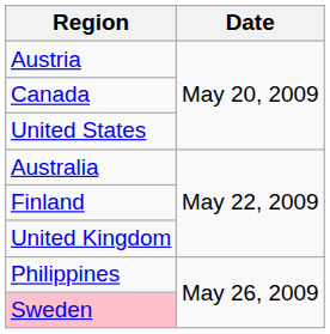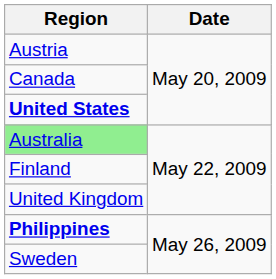 <table class="wikitable">
 <tr>
 <th>Region</th>
 <th>Date</th>
 </tr>
 <tr>
 <td><a href='#'>Austria</a></td>
 <td rowspan="3">May 20, 2009</td>
 </tr>
 <tr>
 <td><a href='#'>Canada</a></td>
 </tr>
 <tr>
-<td><a href='#'>United States</a></td>
+<td><strong><a href='#'>United States</a></strong></td>
 </tr>
 <tr>
-<td><a href='#'>Australia</a></td>
+<td style="background: lightgreen;"><a href='#'>Australia</a></td>
 <td rowspan="3">May 22, 2009</td>
 </tr>
 <tr>
 <td><a href='#'>Finland</a></td>
 </tr>
 <tr>
 <td><a href='#'>United Kingdom</a></td>
 </tr>
 <tr>
-<td><a href='#'>Philippines</a></td>
+<td><strong><a href='#'>Philippines</a></strong></td>
 <td rowspan="2">May 26, 2009</td>
 </tr>
 <tr>
-<td style="background: pink;"><a href='#'>Sweden</a></td>
+<td><a href='#'>Sweden</a></td>
 </tr>
 </table>
